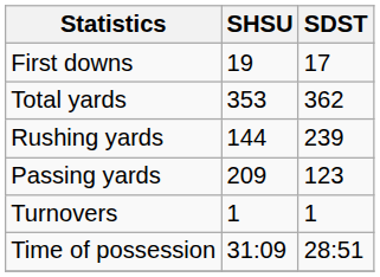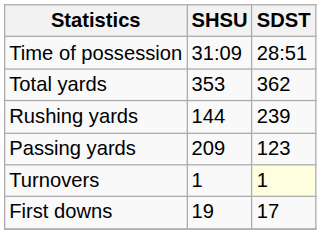 <table class="wikitable" style="float: left;">
 <tr>
 <th>Statistics</th>
 <th>SHSU</th>
 <th>SDST</th>
 </tr>
 <tr>
-<td>First downs</td>
-<td>19</td>
-<td>17</td>
+<td>Time of possession</td>
+<td>31:09</td>
+<td>28:51</td>
 </tr>
 <tr>
 <td>Total yards</td>
 <td>353</td>
 <td>362</td>
 </tr>
 <tr>
 <td>Rushing yards</td>
 <td>144</td>
 <td>239</td>
 </tr>
 <tr>
 <td>Passing yards</td>
 <td>209</td>
 <td>123</td>
 </tr>
 <tr>
 <td>Turnovers</td>
 <td>1</td>
-<td>1</td>
+<td style="background: lightyellow;">1</td>
 </tr>
 <tr>
-<td>Time of possession</td>
-<td>31:09</td>
-<td>28:51</td>
+<td>First downs</td>
+<td>19</td>
+<td>17</td>
 </tr>
 <tr>
 </tr>
 </table>
